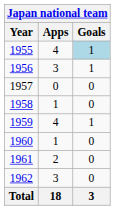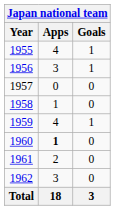 <table class="wikitable" style="text-align:center">
 <tr>
 <th colspan=3><a href='#'>Japan national team</a></th>
 </tr>
 <tr>
 <th>Year</th>
 <th>Apps</th>
 <th>Goals</th>
 </tr>
 <tr>
 <td><a href='#'>1955</a></td>
 <td>4</td>
-<td style="background: lightblue;">1</td>
+<td>1</td>
 </tr>
 <tr>
 <td><a href='#'>1956</a></td>
 <td>3</td>
 <td>1</td>
 </tr>
 <tr>
 <td>1957</td>
 <td>0</td>
 <td>0</td>
 </tr>
 <tr>
 <td><a href='#'>1958</a></td>
 <td>1</td>
 <td>0</td>
 </tr>
 <tr>
 <td><a href='#'>1959</a></td>
 <td>4</td>
 <td>1</td>
 </tr>
 <tr>
 <td><a href='#'>1960</a></td>
-<td>1</td>
+<td><strong>1</strong></td>
 <td>0</td>
 </tr>
 <tr>
 <td><a href='#'>1961</a></td>
 <td>2</td>
 <td>0</td>
 </tr>
 <tr>
 <td><a href='#'>1962</a></td>
 <td>3</td>
 <td>0</td>
 </tr>
 <tr>
 <th>Total</th>
 <th>18</th>
 <th>3</th>
 </tr>
 </table>
